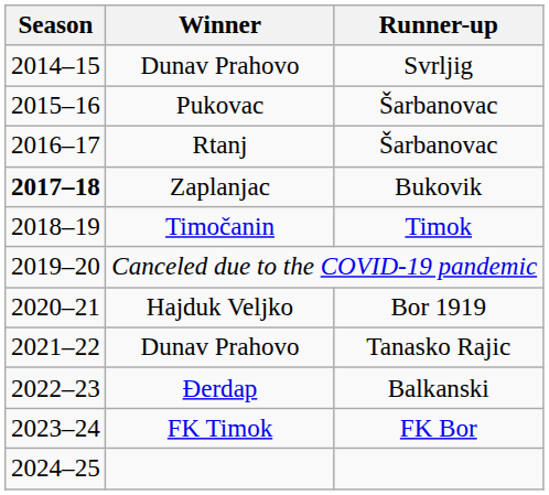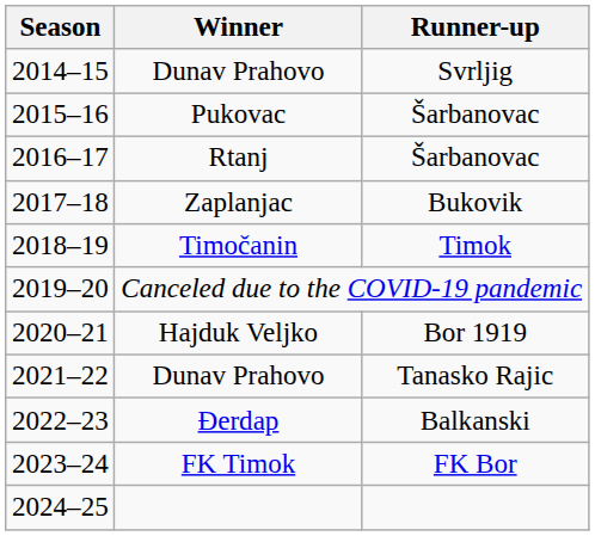 <table class="wikitable sortable" style="text-align:center">
 <tr>
 <th>Season</th>
 <th>Winner</th>
 <th>Runner-up</th>
 </tr>
 <tr>
 <td>2014–15 </td>
 <td>Dunav Prahovo</td>
 <td>Svrljig</td>
 </tr>
 <tr>
 <td>2015–16 </td>
 <td>Pukovac</td>
 <td>Šarbanovac</td>
 </tr>
 <tr>
 <td>2016–17 </td>
 <td>Rtanj</td>
 <td>Šarbanovac</td>
 </tr>
 <tr>
-<td><strong>2017–18 </strong></td>
+<td>2017–18 </td>
 <td>Zaplanjac</td>
 <td>Bukovik</td>
 </tr>
 <tr>
 <td>2018–19 </td>
 <td><a href='#'>Timočanin</a></td>
 <td><a href='#'>Timok</a></td>
 </tr>
 <tr>
 <td>2019–20 </td>
 <td colspan=6><em>Canceled due to the <a href='#'>COVID-19 pandemic</a></td>
 </tr>
 <tr>
 <td>2020–21 </td>
 <td>Hajduk Veljko</td>
 <td>Bor 1919</td>
 </tr>
 <tr>
 <td>2021–22 </td>
 <td>Dunav Prahovo</td>
 <td>Tanasko Rajic</td>
 </tr>
 <tr>
 <td>2022–23 </td>
 <td><a href='#'>Đerdap</a></td>
 <td>Balkanski</td>
 </tr>
 <tr>
 <td>2023–24 </td>
 <td><a href='#'>FK Timok</a></td>
 <td><a href='#'>FK Bor</a></td>
 </tr>
 <tr>
 <td>2024–25 </td>
 <td></td>
 <td></td>
 </tr>
 </table>
